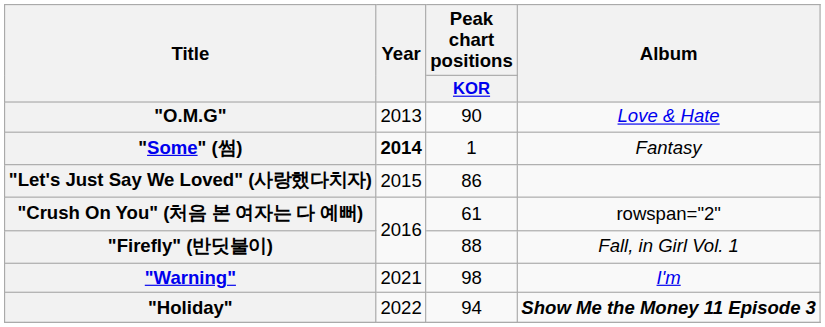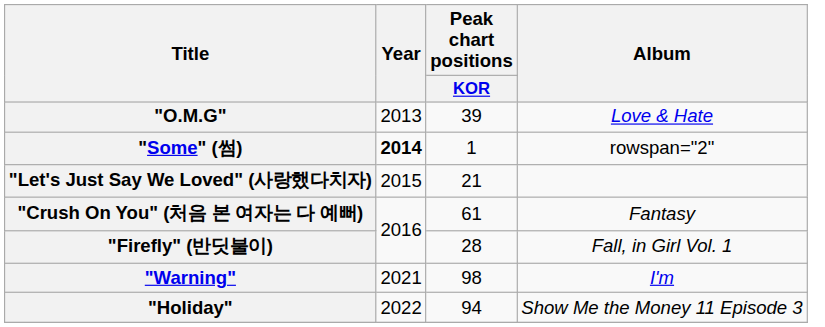 <table class="wikitable plainrowheaders" style="text-align:center;">
 <tr>
 <th scope="col" rowspan="2">Title</th>
 <th scope="col" rowspan="2">Year</th>
 <th scope="col" colspan="1">Peak chart positions</th>
 <th scope="col" rowspan="2">Album</th>
 </tr>
 <tr>
 <th scope="col" style="width:2.5em;font-size:90%;"><a href='#'>KOR</a><br></th>
 </tr>
 <tr>
 <th scope="row">"O.M.G" </th>
 <td>2013</td>
-<td>90</td>
+<td>39</td>
 <td><em><a href='#'>Love & Hate</a></em></td>
 </tr>
 <tr>
 <th scope="row">"<a href='#'>Some</a>" (썸) </th>
 <td><strong>2014</strong></td>
 <td>1</td>
-<td><em>Fantasy</em></td>
+<td>rowspan="2" </td>
 </tr>
 <tr>
 <th scope="row">"Let's Just Say We Loved" (사랑했다치자) </th>
 <td>2015</td>
-<td>86</td>
+<td>21</td>
 </tr>
 <tr>
 <th scope="row">"Crush On You" (처음 본 여자는 다 예뻐) </th>
 <td rowspan="2">2016</td>
 <td>61</td>
-<td>rowspan="2" </td>
+<td><em>Fantasy</em></td>
 </tr>
 <tr>
 <th scope="row">"Firefly" (반딧불이) </th>
-<td>88</td>
+<td>28</td>
 <td><em>Fall, in Girl Vol. 1</em></td>
 </tr>
 <tr>
 <th scope="row"><a href='#'>"Warning"</a> </th>
 <td>2021</td>
 <td>98</td>
 <td><em><a href='#'>I'm</a></em></td>
 </tr>
 <tr>
 <th scope="row">"Holiday" </th>
 <td>2022</td>
 <td>94</td>
-<td><strong><em>Show Me the Money 11 Episode 3</em></strong></td>
+<td><em>Show Me the Money 11 Episode 3</em></td>
 </tr>
 <tr>
 </tr>
 </table>
